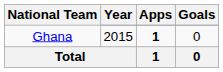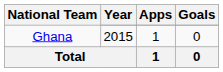 <table class="wikitable" style="text-align:center">
 <tr>
 <th>National Team</th>
 <th>Year</th>
 <th>Apps</th>
 <th>Goals</th>
 </tr>
 <tr>
 <td rowspan="2"><a href='#'>Ghana</a></td>
 </tr>
 <tr>
 <td>2015</td>
-<td><strong>1</strong></td>
+<td>1</td>
 <td>0</td>
 </tr>
 <tr>
 <th colspan=2>Total</th>
 <th>1</th>
 <th>0</th>
 </tr>
 </table>
